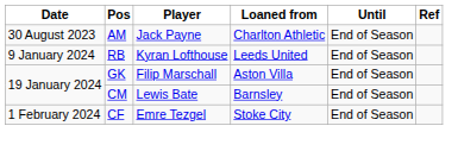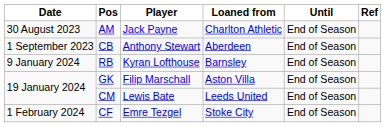 <table class="wikitable plainrowheaders sortable">
 <tr>
 <th style="background:white; color:black; ">Date</th>
 <th style="background:white; color:black; ">Pos</th>
 <th style="background:white; color:black; ">Player</th>
 <th style="background:white; color:black; ">Loaned from</th>
 <th style="background:white; color:black; ">Until</th>
 <th style="background:white; color:black; ">Ref</th>
 </tr>
 <tr>
 <td>30 August 2023</td>
 <td><a href='#'>AM</a></td>
 <td> <a href='#'>Jack Payne</a></td>
 <td> <a href='#'>Charlton Athletic</a></td>
 <td>End of Season</td>
 <td></td>
 </tr>
 <tr>
+<td>1 September 2023</td>
+<td><a href='#'>CB</a></td>
+<td> <a href='#'>Anthony Stewart</a></td>
+<td> <a href='#'>Aberdeen</a></td>
+<td>End of Season</td>
+<td></td>
+</tr>
+<tr>
 <td>9 January 2024</td>
 <td><a href='#'>RB</a></td>
 <td> <a href='#'>Kyran Lofthouse</a></td>
-<td> <a href='#'>Leeds United</a></td>
+<td> <a href='#'>Barnsley</a></td>
 <td>End of Season</td>
 <td></td>
 </tr>
 <tr>
 <td rowspan="2">19 January 2024</td>
 <td><a href='#'>GK</a></td>
 <td> <a href='#'>Filip Marschall</a></td>
 <td> <a href='#'>Aston Villa</a></td>
 <td>End of Season</td>
 <td></td>
 </tr>
 <tr>
 <td><a href='#'>CM</a></td>
 <td> <a href='#'>Lewis Bate</a></td>
-<td> <a href='#'>Barnsley</a></td>
+<td> <a href='#'>Leeds United</a></td>
 <td>End of Season</td>
 <td></td>
 </tr>
 <tr>
 <td>1 February 2024</td>
 <td><a href='#'>CF</a></td>
 <td> <a href='#'>Emre Tezgel</a></td>
 <td> <a href='#'>Stoke City</a></td>
 <td>End of Season</td>
 <td></td>
 </tr>
 </table>
